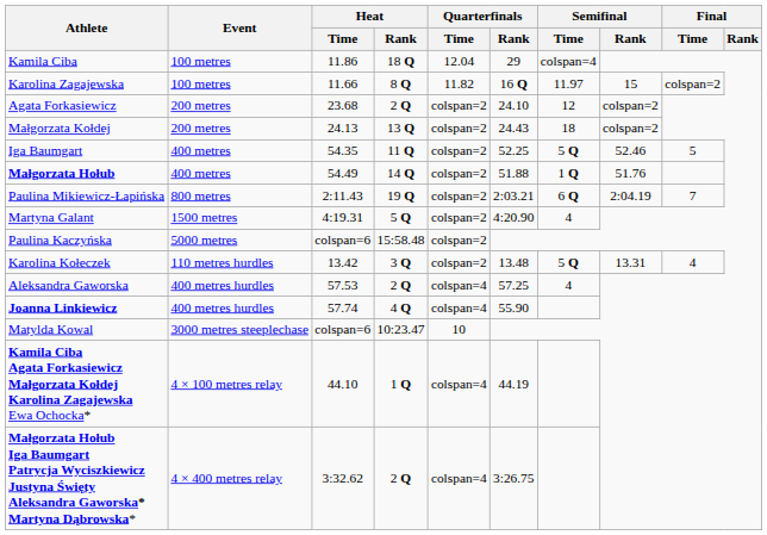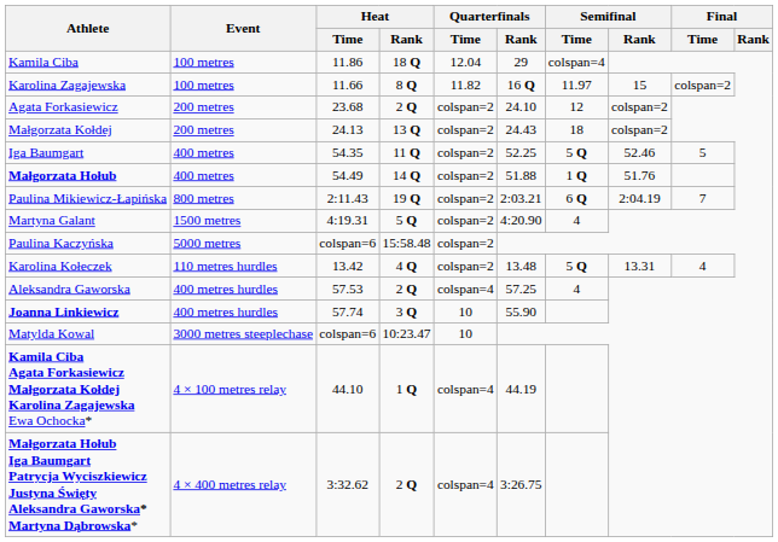 <table class="wikitable" style="font-size:90%">
 <tr>
 <th rowspan="2">Athlete</th>
 <th rowspan="2">Event</th>
 <th colspan="2">Heat</th>
 <th colspan="2">Quarterfinals</th>
 <th colspan="2">Semifinal</th>
 <th colspan="2">Final</th>
 </tr>
 <tr>
 <th>Time</th>
 <th>Rank</th>
 <th>Time</th>
 <th>Rank</th>
 <th>Time</th>
 <th>Rank</th>
 <th>Time</th>
 <th>Rank</th>
 </tr>
 <tr style=text-align:center>
 <td style=text-align:left><a href='#'>Kamila Ciba</a></td>
 <td style=text-align:left><a href='#'>100 metres</a></td>
 <td>11.86</td>
 <td>18 <strong>Q</strong></td>
 <td>12.04</td>
 <td>29</td>
 <td>colspan=4 </td>
 </tr>
 <tr style=text-align:center>
 <td style=text-align:left><a href='#'>Karolina Zagajewska</a></td>
 <td style=text-align:left><a href='#'>100 metres</a></td>
 <td>11.66</td>
 <td>8 <strong>Q</strong></td>
 <td>11.82</td>
 <td>16 <strong>Q</strong></td>
 <td>11.97</td>
 <td>15</td>
 <td>colspan=2 </td>
 </tr>
 <tr style=text-align:center>
 <td style=text-align:left><a href='#'>Agata Forkasiewicz</a></td>
 <td style=text-align:left><a href='#'>200 metres</a></td>
 <td>23.68</td>
 <td>2 <strong>Q</strong></td>
 <td>colspan=2 </td>
 <td>24.10</td>
 <td>12</td>
 <td>colspan=2 </td>
 </tr>
 <tr style=text-align:center>
 <td style=text-align:left><a href='#'>Małgorzata Kołdej</a></td>
 <td style=text-align:left><a href='#'>200 metres</a></td>
 <td>24.13</td>
 <td>13 <strong>Q</strong></td>
 <td>colspan=2 </td>
 <td>24.43</td>
 <td>18</td>
 <td>colspan=2 </td>
 </tr>
 <tr style=text-align:center>
 <td style=text-align:left><a href='#'>Iga Baumgart</a></td>
 <td style=text-align:left><a href='#'>400 metres</a></td>
 <td>54.35</td>
 <td>11 <strong>Q</strong></td>
 <td>colspan=2 </td>
 <td>52.25</td>
 <td>5 <strong>Q</strong></td>
 <td>52.46</td>
 <td>5</td>
 </tr>
 <tr style=text-align:center>
 <td style=text-align:left><strong><a href='#'>Małgorzata Hołub</a></strong></td>
 <td style=text-align:left><a href='#'>400 metres</a></td>
 <td>54.49</td>
 <td>14 <strong>Q</strong></td>
 <td>colspan=2 </td>
 <td>51.88</td>
 <td>1 <strong>Q</strong></td>
 <td>51.76</td>
 <td></td>
 </tr>
 <tr style=text-align:center>
 <td style=text-align:left><a href='#'>Paulina Mikiewicz-Łapińska</a></td>
 <td style=text-align:left><a href='#'>800 metres</a></td>
 <td>2:11.43</td>
 <td>19 <strong>Q</strong></td>
 <td>colspan=2 </td>
 <td>2:03.21</td>
 <td>6 <strong>Q</strong></td>
 <td>2:04.19</td>
 <td>7</td>
 </tr>
 <tr style=text-align:center>
 <td style=text-align:left><a href='#'>Martyna Galant</a></td>
 <td style=text-align:left><a href='#'>1500 metres</a></td>
 <td>4:19.31</td>
 <td>5 <strong>Q</strong></td>
 <td>colspan=2 </td>
 <td>4:20.90</td>
 <td>4</td>
 </tr>
 <tr style=text-align:center>
 <td style=text-align:left><a href='#'>Paulina Kaczyńska</a></td>
 <td style=text-align:left><a href='#'>5000 metres</a></td>
 <td>colspan=6 </td>
 <td>15:58.48</td>
 <td>colspan=2 </td>
 </tr>
 <tr style=text-align:center>
 <td style=text-align:left><a href='#'>Karolina Kołeczek</a></td>
 <td style=text-align:left><a href='#'>110 metres hurdles</a></td>
 <td>13.42</td>
-<td>3 <strong>Q</strong></td>
+<td>4 <strong>Q</strong></td>
 <td>colspan=2 </td>
 <td>13.48</td>
 <td>5 <strong>Q</strong></td>
 <td>13.31</td>
 <td>4</td>
 </tr>
 <tr style=text-align:center>
 <td style=text-align:left><a href='#'>Aleksandra Gaworska</a></td>
 <td style=text-align:left><a href='#'>400 metres hurdles</a></td>
 <td>57.53</td>
 <td>2 <strong>Q</strong></td>
 <td>colspan=4 </td>
 <td>57.25</td>
 <td>4</td>
 </tr>
 <tr style=text-align:center>
 <td style=text-align:left><strong><a href='#'>Joanna Linkiewicz</a></strong></td>
 <td style=text-align:left><a href='#'>400 metres hurdles</a></td>
 <td>57.74</td>
-<td>4 <strong>Q</strong></td>
-<td>colspan=4 </td>
+<td>3 <strong>Q</strong></td>
+<td>10</td>
 <td>55.90</td>
 <td></td>
 </tr>
 <tr style=text-align:center>
 <td style=text-align:left><a href='#'>Matylda Kowal</a></td>
 <td style=text-align:left><a href='#'>3000 metres steeplechase</a></td>
 <td>colspan=6 </td>
 <td>10:23.47</td>
 <td>10</td>
 </tr>
 <tr style=text-align:center>
 <td style=text-align:left><strong><a href='#'>Kamila Ciba</a><br><a href='#'>Agata Forkasiewicz</a></strong><br><strong><a href='#'>Małgorzata Kołdej</a><br><a href='#'>Karolina Zagajewska</a></strong><br><a href='#'>Ewa Ochocka</a>*</td>
 <td style=text-align:left><a href='#'>4 × 100 metres relay</a></td>
 <td>44.10</td>
 <td>1 <strong>Q</strong></td>
 <td>colspan=4 </td>
 <td>44.19</td>
 <td></td>
 </tr>
 <tr style=text-align:center>
 <td style=text-align:left><strong><a href='#'>Małgorzata Hołub</a><br><a href='#'>Iga Baumgart</a></strong><br><strong><a href='#'>Patrycja Wyciszkiewicz</a><br><a href='#'>Justyna Święty</a></strong><br><strong><a href='#'>Aleksandra Gaworska</a>*<br><a href='#'>Martyna Dąbrowska</a></strong>*</td>
 <td style=text-align:left><a href='#'>4 × 400 metres relay</a></td>
 <td>3:32.62</td>
 <td>2 <strong>Q</strong></td>
 <td>colspan=4 </td>
 <td>3:26.75</td>
 <td></td>
 </tr>
 </table>
